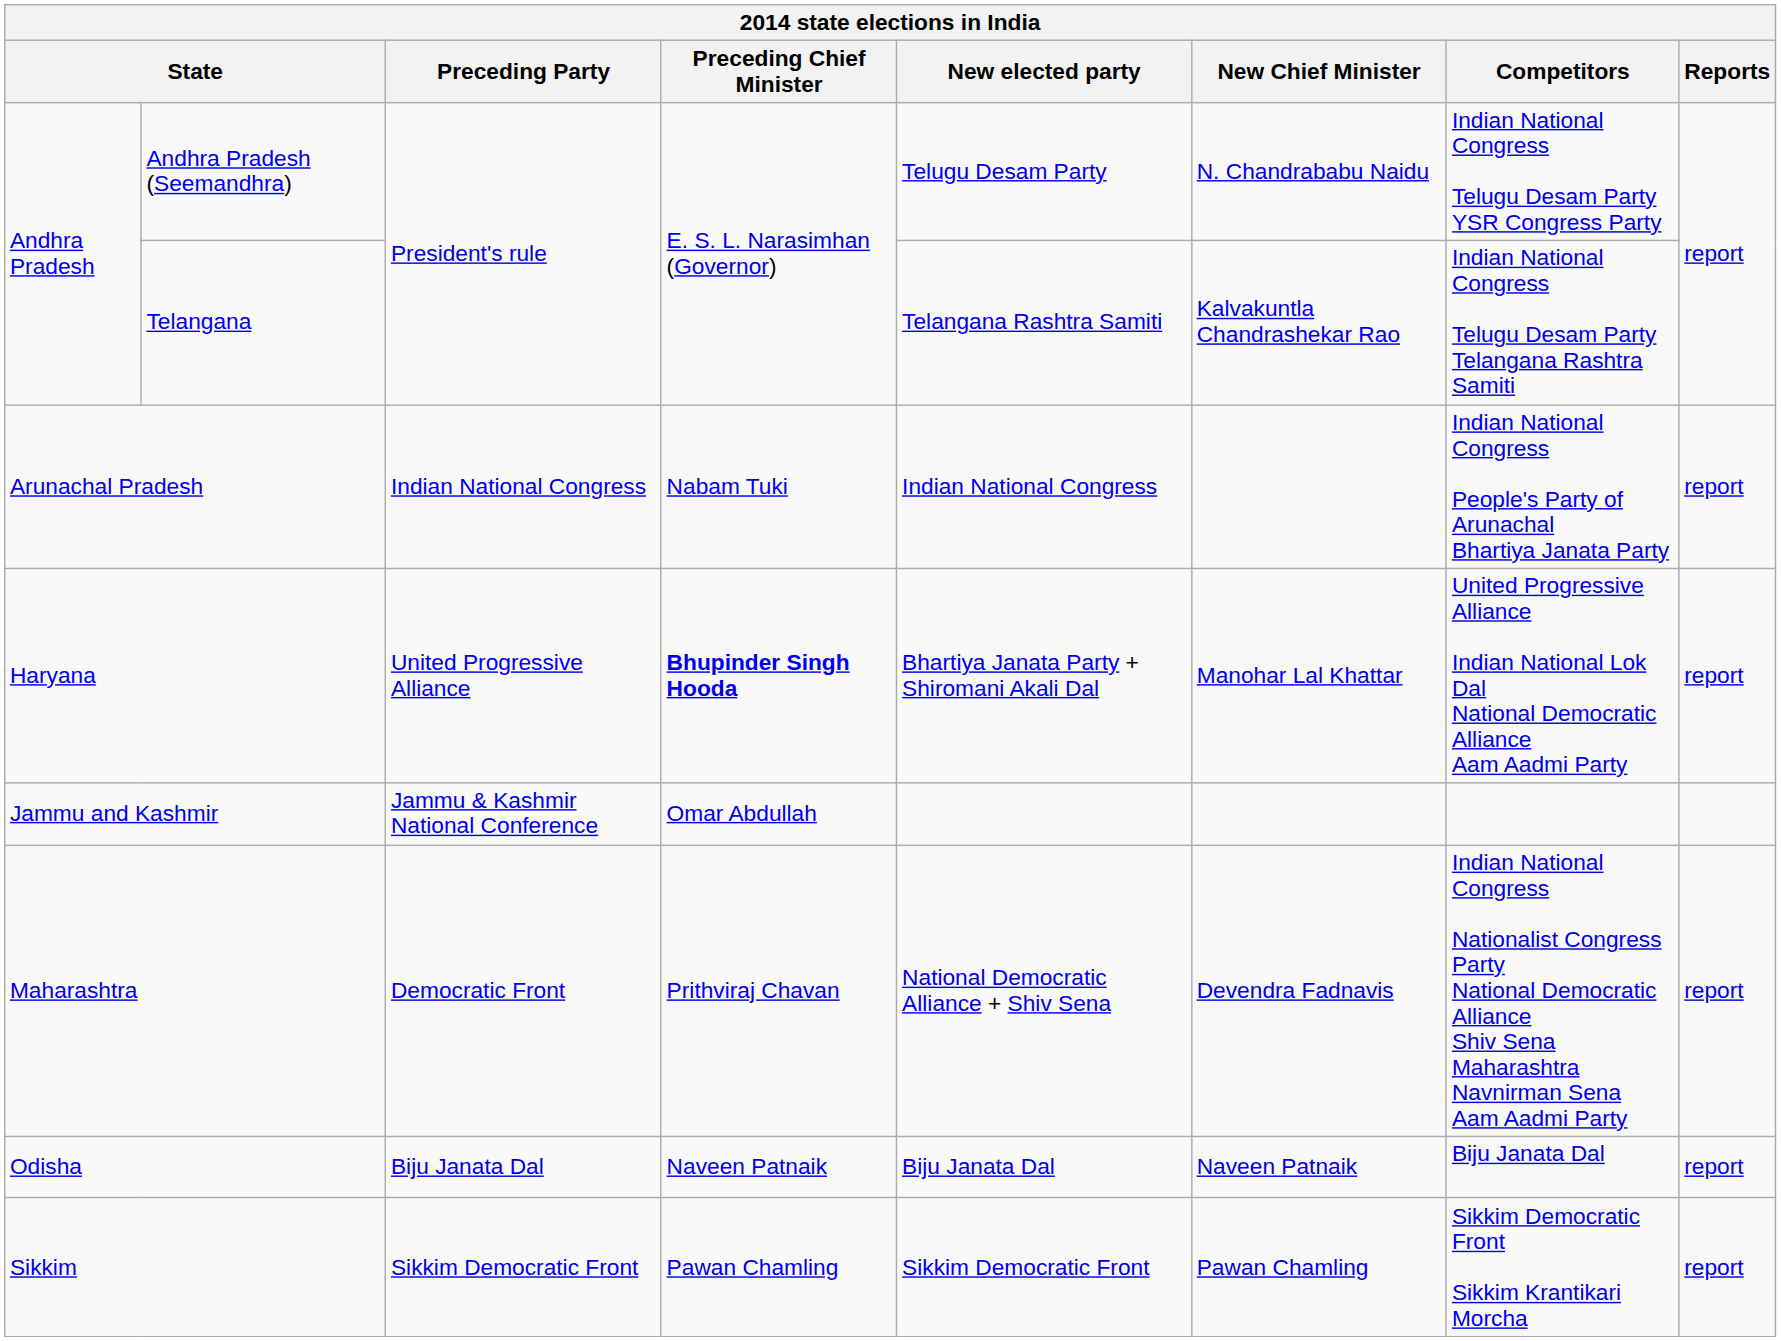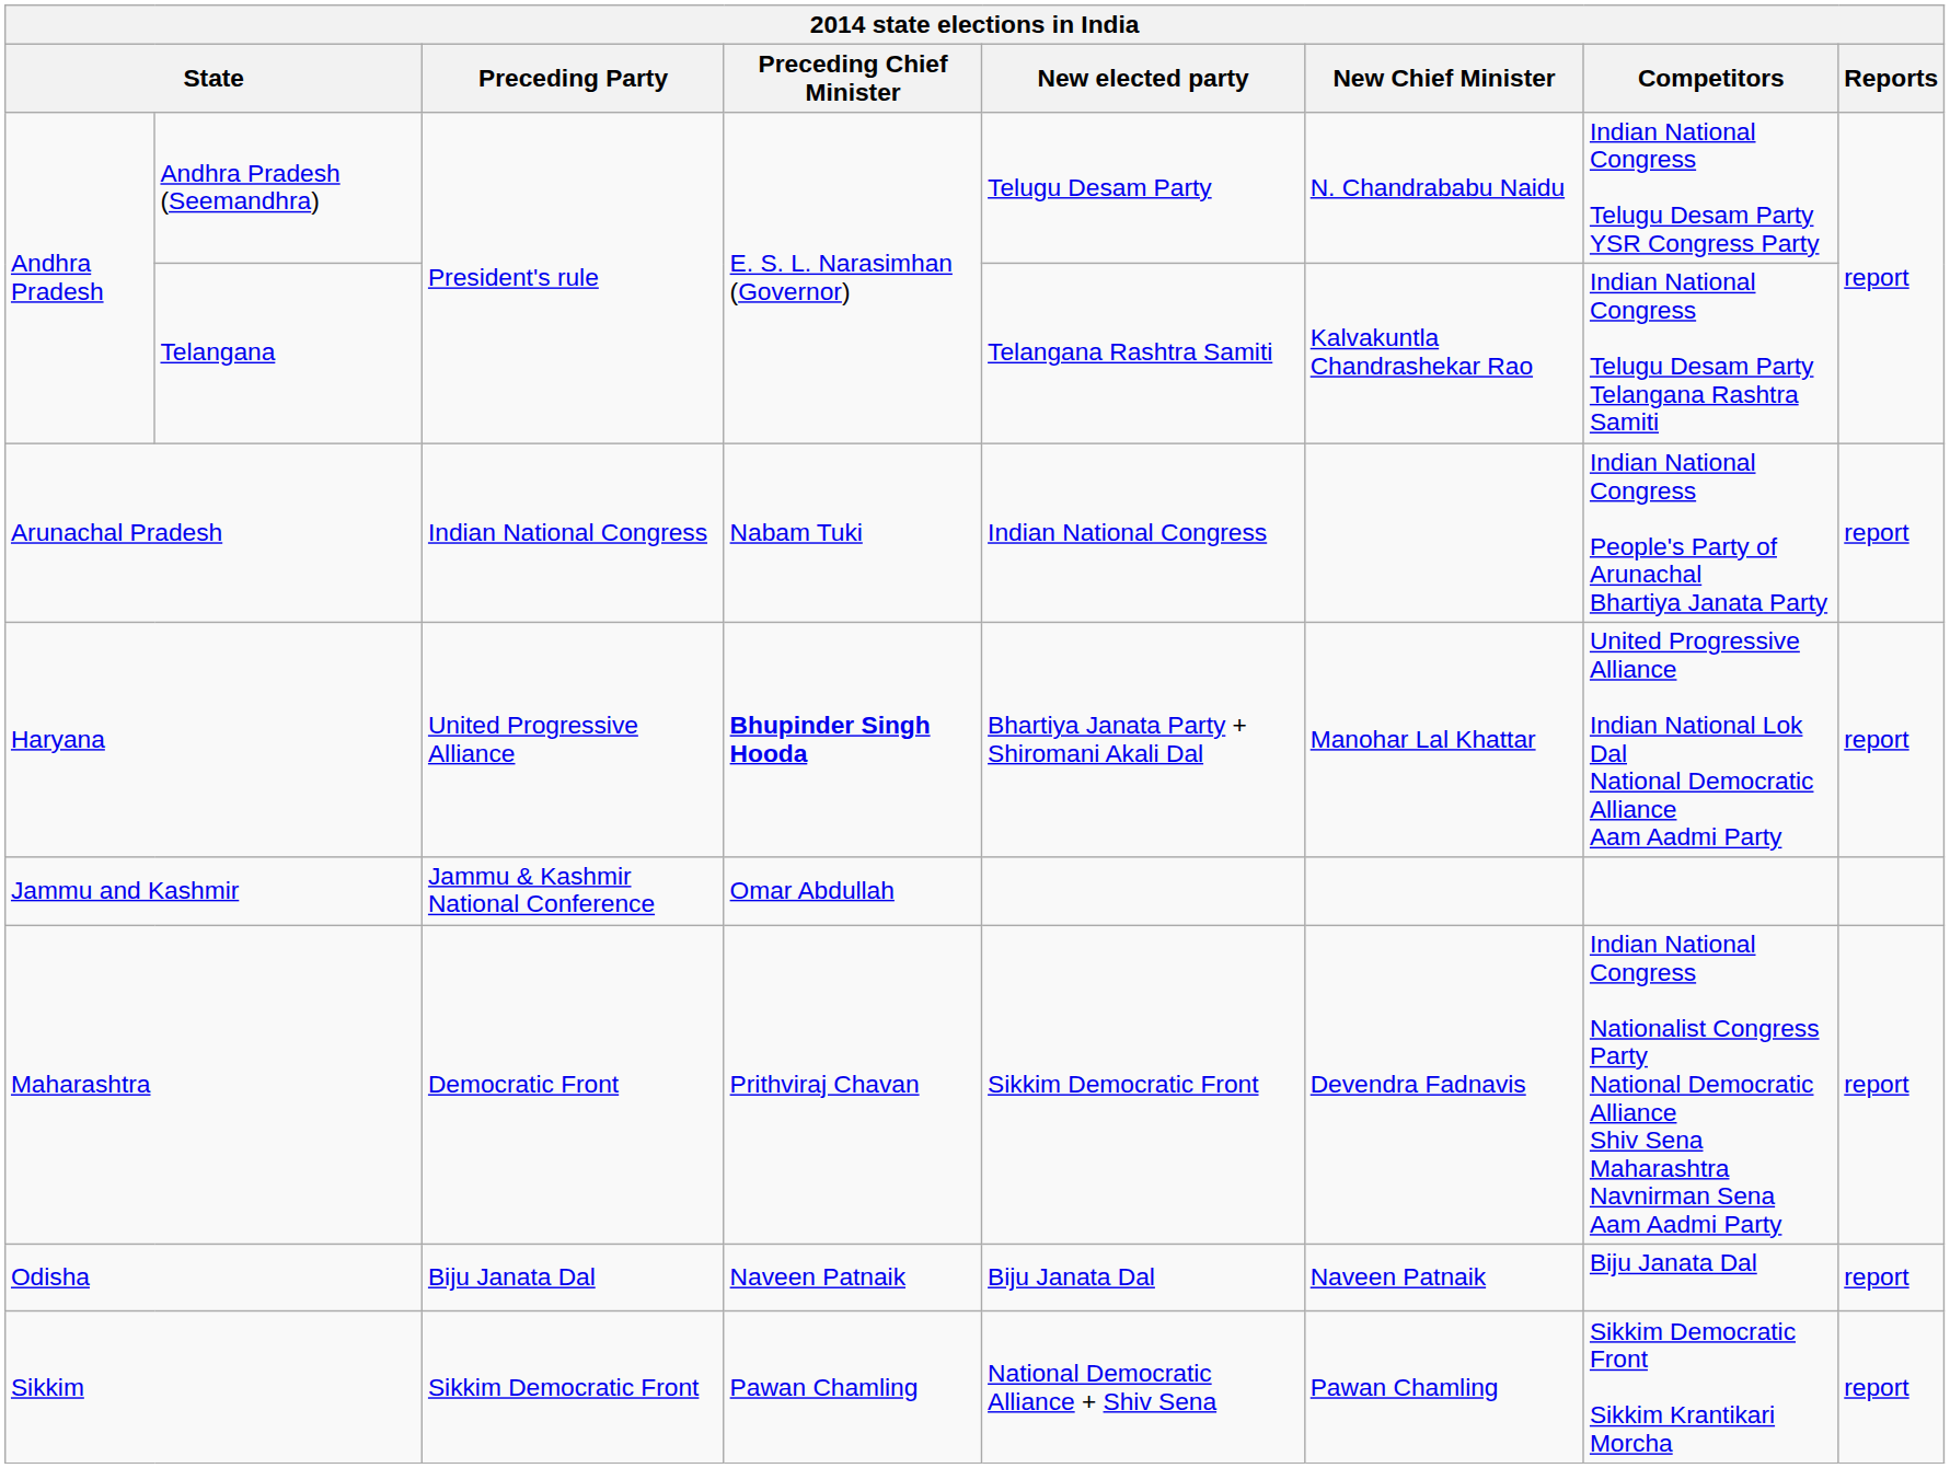 <table class=wikitable>
 <tr>
 <th colspan=8>2014 state elections in India</th>
 </tr>
 <tr>
 <th colspan=2>State</th>
 <th>Preceding Party</th>
 <th>Preceding Chief Minister</th>
 <th>New elected party</th>
 <th>New Chief Minister</th>
 <th>Competitors</th>
 <th>Reports</th>
 </tr>
 <tr>
 <td rowspan=2><a href='#'>Andhra Pradesh</a></td>
 <td><a href='#'>Andhra Pradesh</a> (<a href='#'>Seemandhra</a>)</td>
 <td rowspan=2> <a href='#'>President's rule</a></td>
 <td rowspan=2> <a href='#'>E. S. L. Narasimhan</a> (<a href='#'>Governor</a>)</td>
 <td> <a href='#'>Telugu Desam Party</a></td>
 <td> <a href='#'>N. Chandrababu Naidu</a></td>
 <td><a href='#'>Indian National Congress</a><br><br> <a href='#'>Telugu Desam Party</a><br> <a href='#'>YSR Congress Party</a></td>
 <td rowspan=2><a href='#'>report</a></td>
 </tr>
 <tr>
 <td><a href='#'>Telangana</a></td>
 <td> <a href='#'>Telangana Rashtra Samiti</a></td>
 <td> <a href='#'>Kalvakuntla Chandrashekar Rao</a></td>
 <td><a href='#'>Indian National Congress</a><br><br> <a href='#'>Telugu Desam Party</a><br>  <a href='#'>Telangana Rashtra Samiti</a></td>
 </tr>
 <tr>
 <td colspan=2><a href='#'>Arunachal Pradesh</a></td>
 <td><a href='#'>Indian National Congress</a></td>
 <td><a href='#'>Nabam Tuki</a></td>
 <td><a href='#'>Indian National Congress</a></td>
 <td></td>
 <td><a href='#'>Indian National Congress</a><br><br><a href='#'>People's Party of Arunachal</a><br> <a href='#'>Bhartiya Janata Party</a></td>
 <td><a href='#'>report</a></td>
 </tr>
 <tr>
 <td colspan=2><a href='#'>Haryana</a></td>
 <td><a href='#'>United Progressive Alliance</a></td>
 <td><strong><a href='#'>Bhupinder Singh Hooda</a></strong></td>
 <td> <a href='#'>Bhartiya Janata Party</a> + <a href='#'>Shiromani Akali Dal</a></td>
 <td> <a href='#'>Manohar Lal Khattar</a></td>
 <td><a href='#'>United Progressive Alliance</a><br><br><a href='#'>Indian National Lok Dal</a> <br> <a href='#'>National Democratic Alliance</a><br>  <a href='#'>Aam Aadmi Party</a></td>
 <td><a href='#'>report</a></td>
 </tr>
 <tr>
 <td colspan=2><a href='#'>Jammu and Kashmir</a></td>
 <td> <a href='#'>Jammu & Kashmir National Conference</a></td>
 <td> <a href='#'>Omar Abdullah</a></td>
 <td></td>
 <td></td>
 <td></td>
 <td></td>
 </tr>
 <tr>
 <td colspan=2><a href='#'>Maharashtra</a></td>
 <td><a href='#'>Democratic Front</a></td>
 <td><a href='#'>Prithviraj Chavan</a></td>
-<td><a href='#'>National Democratic Alliance</a> + <a href='#'>Shiv Sena</a></td>
+<td> <a href='#'>Sikkim Democratic Front</a></td>
 <td> <a href='#'>Devendra Fadnavis</a></td>
 <td><a href='#'>Indian National Congress</a><br><br> <a href='#'>Nationalist Congress Party</a><br> <a href='#'>National Democratic Alliance</a><br> <a href='#'>Shiv Sena</a><br>  <a href='#'>Maharashtra Navnirman Sena</a><br>  <a href='#'>Aam Aadmi Party</a></td>
 <td><a href='#'>report</a></td>
 </tr>
 <tr>
 <td colspan=2><a href='#'>Odisha</a></td>
 <td><a href='#'>Biju Janata Dal</a></td>
 <td><a href='#'>Naveen Patnaik</a></td>
 <td><a href='#'>Biju Janata Dal</a></td>
 <td><a href='#'>Naveen Patnaik</a></td>
 <td><a href='#'>Biju Janata Dal</a><br><br></td>
 <td><a href='#'>report</a></td>
 </tr>
 <tr>
 <td colspan=2><a href='#'>Sikkim</a></td>
 <td> <a href='#'>Sikkim Democratic Front</a></td>
 <td> <a href='#'>Pawan Chamling</a></td>
-<td> <a href='#'>Sikkim Democratic Front</a></td>
+<td><a href='#'>National Democratic Alliance</a> + <a href='#'>Shiv Sena</a></td>
 <td> <a href='#'>Pawan Chamling</a></td>
 <td> <a href='#'>Sikkim Democratic Front</a><br><br> <a href='#'>Sikkim Krantikari Morcha</a></td>
 <td><a href='#'>report</a></td>
 </tr>
 </table>
